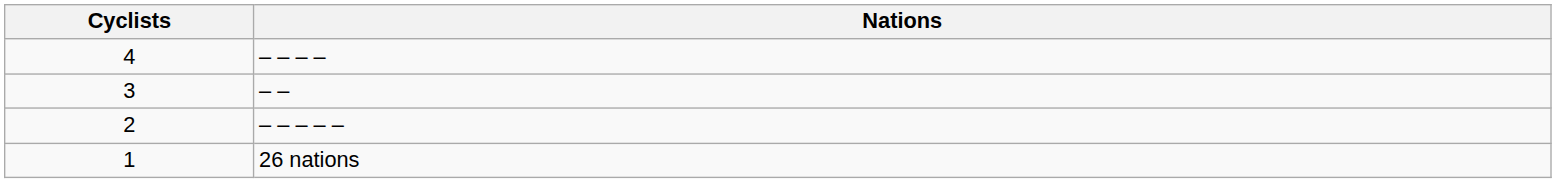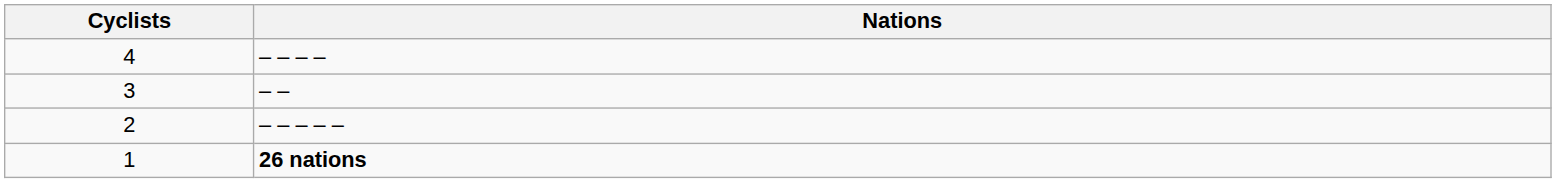 <table class="wikitable sortable" style="text-align:center; width: 90%;">
 <tr>
 <th width=20>Cyclists</th>
 <th width=350>Nations</th>
 </tr>
 <tr>
 <td align=center>4</td>
 <td align=left> –  –  –  – </td>
 </tr>
 <tr>
 <td align=center>3</td>
 <td align=left> –  – </td>
 </tr>
 <tr>
 <td align=center>2</td>
 <td align=left> –  –  –  –  – </td>
 </tr>
 <tr>
 <td align=center>1</td>
-<td align=left>26 nations</td>
+<td align=left><strong>26 nations</strong></td>
 </tr>
 </table>
